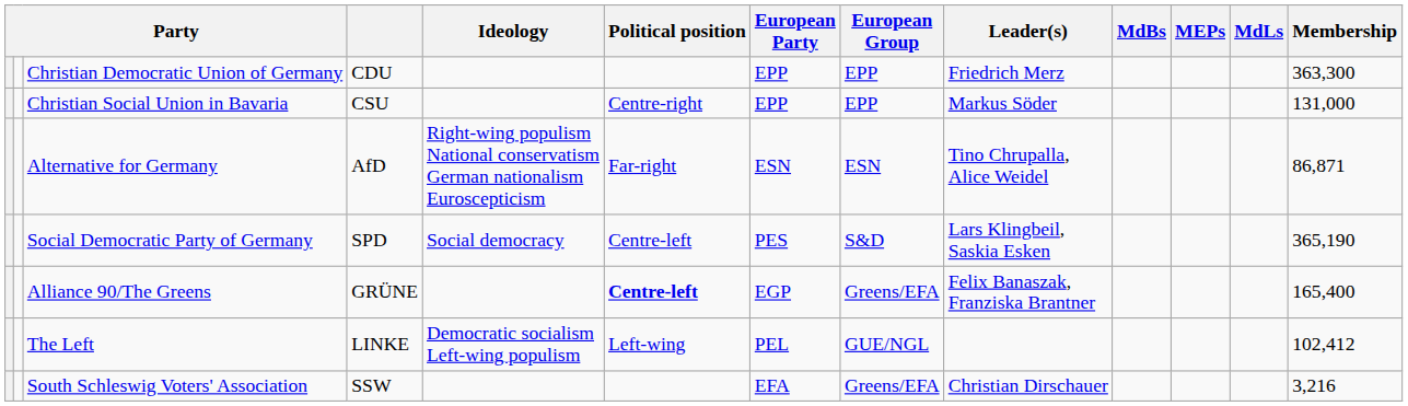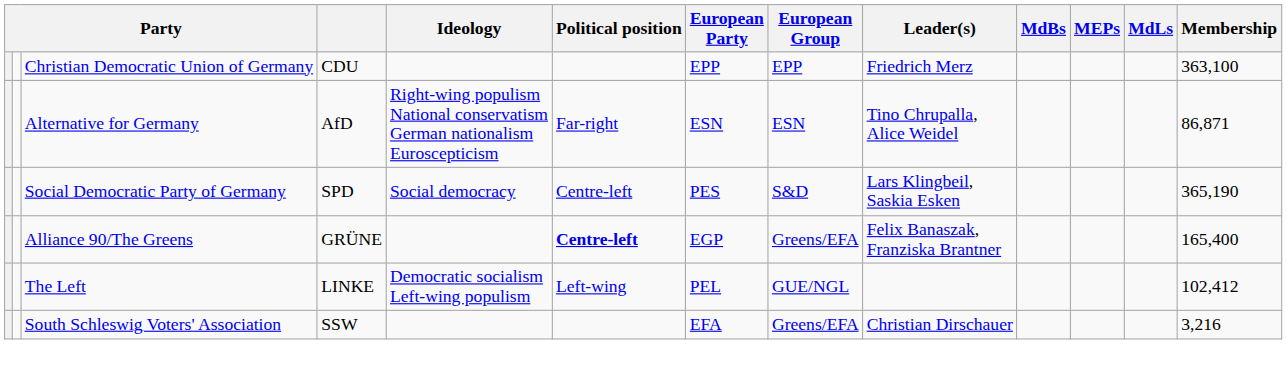 <table class="wikitable sortable sort-under-center">
 <tr>
 <th colspan="3">Party</th>
 <th></th>
 <th>Ideology</th>
 <th>Political position</th>
 <th><a href='#'>European<br>Party</a></th>
 <th><a href='#'>European<br>Group</a></th>
 <th>Leader(s)</th>
 <th><a href='#'>MdBs</a></th>
 <th><a href='#'>MEPs</a></th>
 <th><a href='#'>MdLs</a></th>
 <th>Membership</th>
 </tr>
 <tr>
 <th style="background-color: "></th>
 <td></td>
 <td><a href='#'>Christian Democratic Union of Germany</a><br></td>
 <td>CDU</td>
 <td></td>
 <td></td>
 <td><a href='#'>EPP</a></td>
 <td><a href='#'>EPP</a></td>
 <td><a href='#'>Friedrich Merz</a></td>
 <td></td>
 <td></td>
 <td></td>
-<td>363,300</td>
-</tr>
-<tr>
-<th style="background-color: "></th>
-<td></td>
-<td><a href='#'>Christian Social Union in Bavaria</a><br></td>
-<td>CSU</td>
-<td></td>
-<td><a href='#'>Centre-right</a></td>
-<td><a href='#'>EPP</a></td>
-<td><a href='#'>EPP</a></td>
-<td><a href='#'>Markus Söder</a></td>
-<td></td>
-<td></td>
-<td></td>
-<td>131,000</td>
+<td>363,100</td>
 </tr>
 <tr>
 <th style="background-color: "></th>
 <td></td>
 <td><a href='#'>Alternative for Germany</a><br></td>
 <td>AfD</td>
 <td><a href='#'>Right-wing populism</a><br><a href='#'>National conservatism</a><br><a href='#'>German nationalism</a><br><a href='#'>Euroscepticism</a></td>
 <td><a href='#'>Far-right</a></td>
 <td><a href='#'>ESN</a></td>
 <td><a href='#'>ESN</a></td>
 <td><a href='#'>Tino Chrupalla</a>,<br><a href='#'>Alice Weidel</a></td>
 <td></td>
 <td></td>
 <td></td>
 <td>86,871</td>
 </tr>
 <tr>
 <th style="background-color: "></th>
 <td></td>
 <td><a href='#'>Social Democratic Party of Germany</a><br></td>
 <td>SPD</td>
 <td><a href='#'>Social democracy</a></td>
 <td><a href='#'>Centre-left</a></td>
 <td><a href='#'>PES</a></td>
 <td><a href='#'>S&D</a></td>
 <td><a href='#'>Lars Klingbeil</a>,<br><a href='#'>Saskia Esken</a></td>
 <td></td>
 <td></td>
 <td></td>
 <td>365,190</td>
 </tr>
 <tr>
 <th style="background-color: "></th>
 <td></td>
 <td><a href='#'>Alliance 90/The Greens</a><br></td>
 <td>GRÜNE</td>
 <td></td>
 <td><strong><a href='#'>Centre-left</a></strong></td>
 <td><a href='#'>EGP</a></td>
 <td><a href='#'>Greens/EFA</a></td>
 <td><a href='#'>Felix Banaszak</a>,<br><a href='#'>Franziska Brantner</a></td>
 <td></td>
 <td></td>
 <td></td>
 <td>165,400</td>
 </tr>
 <tr>
 <th style="background-color: "></th>
 <td></td>
 <td><a href='#'>The Left</a><br></td>
 <td>LINKE</td>
 <td><a href='#'>Democratic socialism</a><br><a href='#'>Left-wing populism</a></td>
 <td><a href='#'>Left-wing</a></td>
 <td><a href='#'>PEL</a></td>
 <td><a href='#'>GUE/NGL</a></td>
 <td></td>
 <td></td>
 <td></td>
 <td></td>
 <td>102,412</td>
 </tr>
 <tr>
 <th style="background-color: "></th>
 <td></td>
 <td><a href='#'>South Schleswig Voters' Association</a><br></td>
 <td>SSW</td>
 <td></td>
 <td></td>
 <td><a href='#'>EFA</a></td>
 <td><a href='#'>Greens/EFA</a></td>
 <td><a href='#'>Christian Dirschauer</a></td>
 <td></td>
 <td></td>
 <td></td>
 <td>3,216</td>
 </tr>
 </table>
